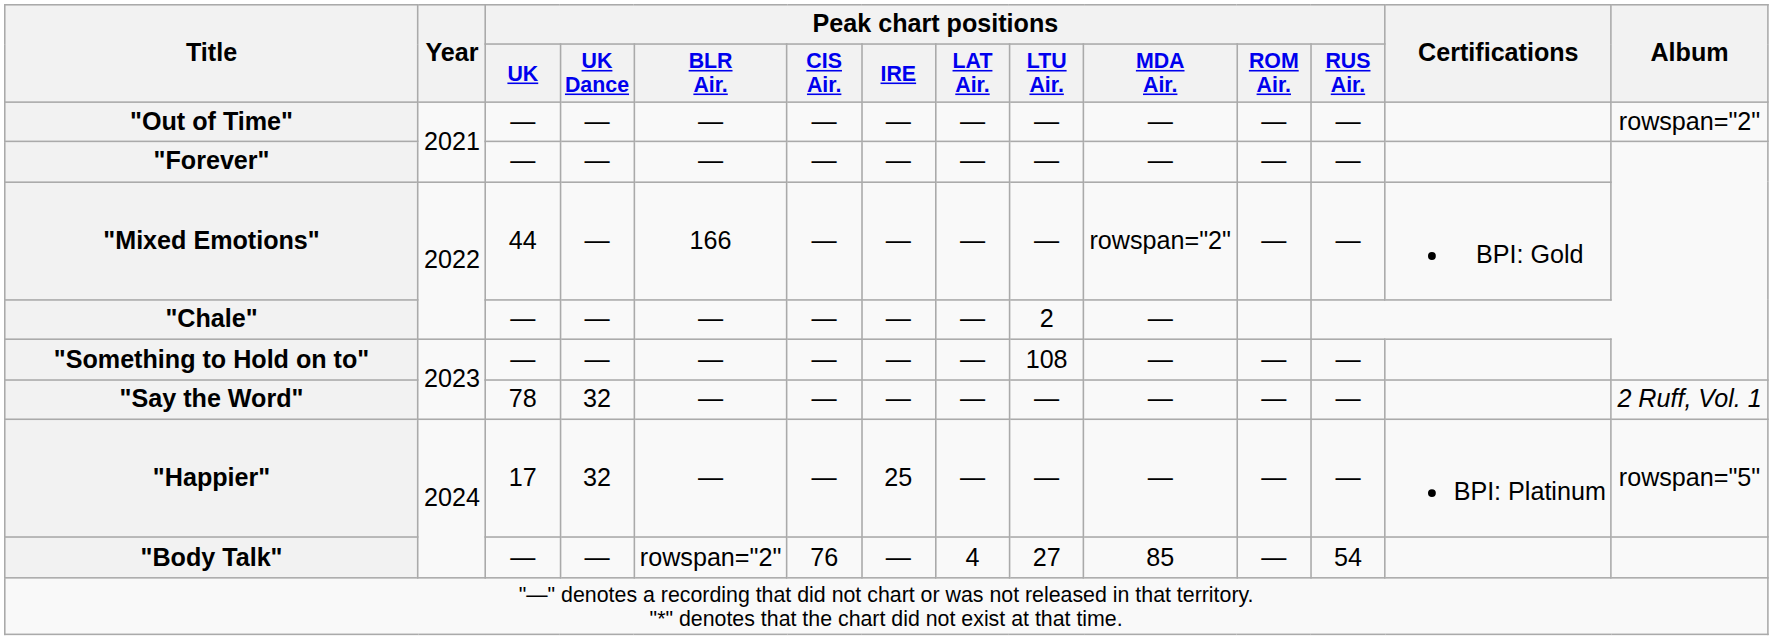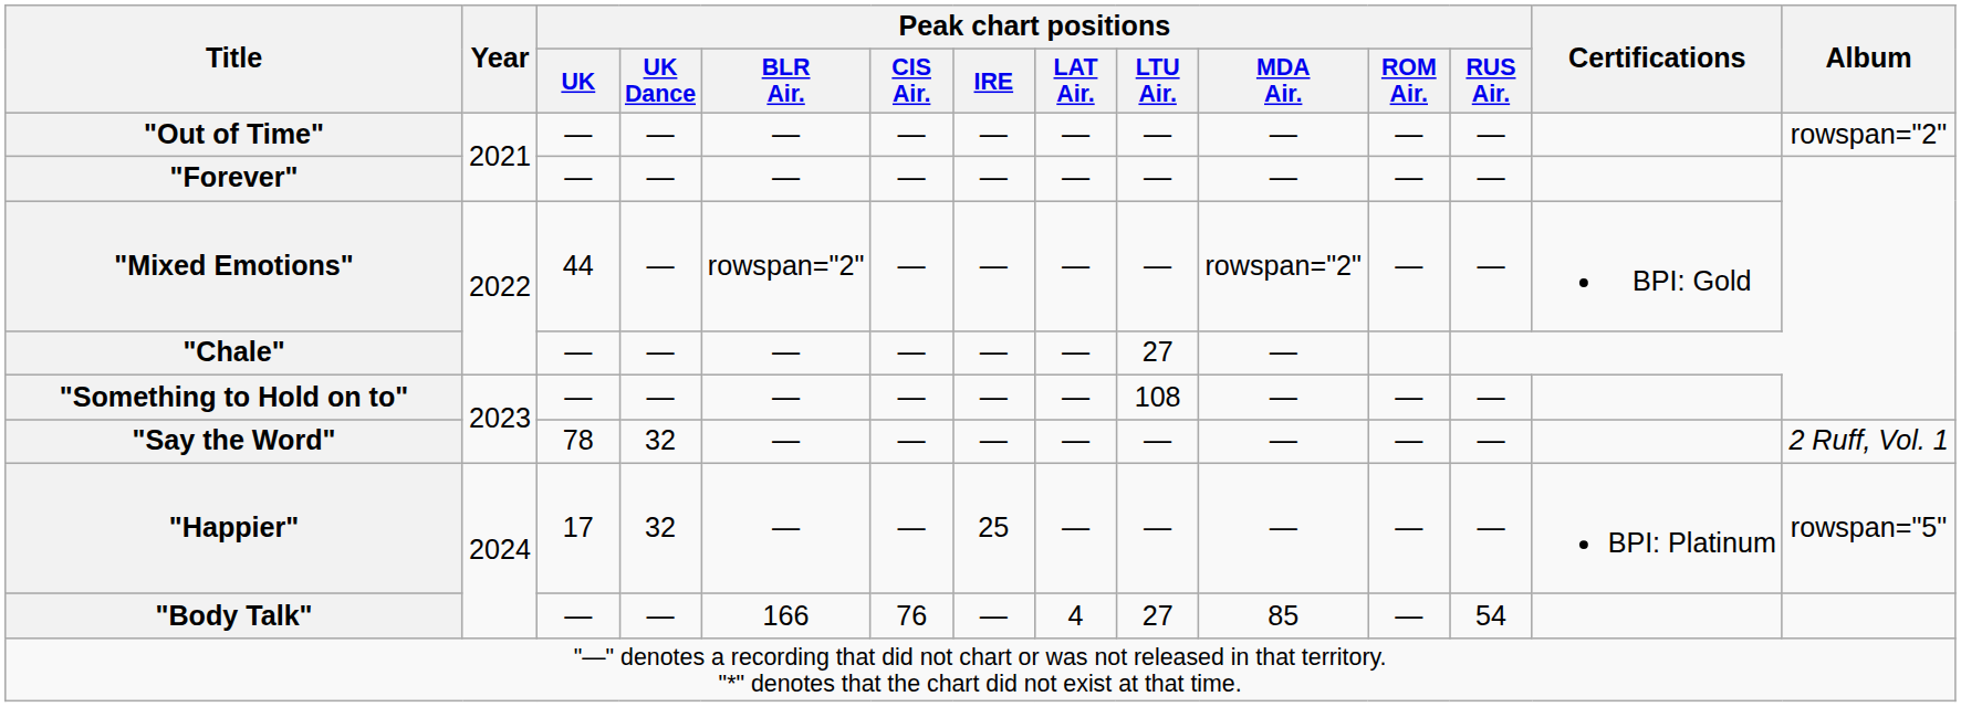 <table class="wikitable plainrowheaders" style="text-align:center;">
 <tr>
 <th scope="col" rowspan="2" style="width:16em;">Title</th>
 <th scope="col" rowspan="2" style="width:1em;">Year</th>
 <th colspan="10" scope="col">Peak chart positions</th>
 <th scope="col" rowspan="2">Certifications</th>
 <th scope="col" rowspan="2">Album</th>
 </tr>
 <tr>
 <th scope="col" style="width:3em;font-size:85%;"><a href='#'>UK</a><br></th>
 <th scope="col" style="width:3em;font-size:85%;"><a href='#'>UK<br>Dance</a><br></th>
 <th scope="col" style="width:3em;font-size:85%;"><a href='#'>BLR<br>Air.</a><br></th>
 <th scope="col" style="width:3em;font-size:85%;"><a href='#'>CIS<br>Air.</a><br></th>
 <th scope="col" style="width:3em;font-size:85%;"><a href='#'>IRE</a><br></th>
 <th scope="col" style="width:3em;font-size:85%;"><a href='#'>LAT<br>Air.</a><br></th>
 <th scope="col" style="width:3em;font-size:85%;"><a href='#'>LTU<br>Air.</a><br></th>
 <th scope="col" style="width:3em;font-size:85%;"><a href='#'>MDA<br>Air.</a><br></th>
 <th scope="col" style="width:3em;font-size:85%;"><a href='#'>ROM<br>Air.</a><br></th>
 <th scope="col" style="width:3em;font-size:85%;"><a href='#'>RUS<br>Air.</a><br></th>
 </tr>
 <tr>
 <th scope="row">"Out of Time"<br></th>
 <td rowspan="2">2021</td>
 <td>—</td>
 <td>—</td>
 <td>—</td>
 <td>—</td>
 <td>—</td>
 <td>—</td>
 <td>—</td>
 <td>—</td>
 <td>—</td>
 <td>—</td>
 <td></td>
 <td>rowspan="2" </td>
 </tr>
 <tr>
 <th scope="row">"Forever"<br></th>
 <td>—</td>
 <td>—</td>
 <td>—</td>
 <td>—</td>
 <td>—</td>
 <td>—</td>
 <td>—</td>
 <td>—</td>
 <td>—</td>
 <td>—</td>
 <td></td>
 </tr>
 <tr>
 <th scope="row">"Mixed Emotions"<br></th>
 <td rowspan="2">2022</td>
 <td>44</td>
 <td>—</td>
-<td>166</td>
+<td>rowspan="2" </td>
 <td>—</td>
 <td>—</td>
 <td>—</td>
 <td>—</td>
 <td>rowspan="2" </td>
 <td>—</td>
 <td>—</td>
 <td><br><ul><li>BPI: Gold</li></ul></td>
 </tr>
 <tr>
 <th scope="row">"Chale"<br></th>
 <td>—</td>
 <td>—</td>
 <td>—</td>
 <td>—</td>
 <td>—</td>
 <td>—</td>
-<td>2</td>
+<td>27</td>
 <td>—</td>
 <td></td>
 </tr>
 <tr>
 <th scope="row">"Something to Hold on to"<br></th>
 <td rowspan="2">2023</td>
 <td>—</td>
 <td>—</td>
 <td>—</td>
 <td>—</td>
 <td>—</td>
 <td>—</td>
 <td>108</td>
 <td>—</td>
 <td>—</td>
 <td>—</td>
 <td></td>
 </tr>
 <tr>
 <th scope="row">"Say the Word"<br></th>
 <td>78</td>
 <td>32</td>
 <td>—</td>
 <td>—</td>
 <td>—</td>
 <td>—</td>
 <td>—</td>
 <td>—</td>
 <td>—</td>
 <td>—</td>
 <td></td>
 <td><em>2 Ruff, Vol. 1</em></td>
 </tr>
 <tr>
 <th scope="row">"Happier"<br></th>
 <td rowspan="2">2024</td>
 <td>17</td>
 <td>32</td>
 <td>—</td>
 <td>—</td>
 <td>25</td>
 <td>—</td>
 <td>—</td>
 <td>—</td>
 <td>—</td>
 <td>—</td>
 <td><br><ul><li>BPI: Platinum</li></ul></td>
 <td>rowspan="5" </td>
 </tr>
 <tr>
 <th scope="row">"Body Talk"<br></th>
 <td>—</td>
 <td>—</td>
-<td>rowspan="2" </td>
+<td>166</td>
 <td>76</td>
 <td>—</td>
 <td>4</td>
 <td>27</td>
 <td>85</td>
 <td>—</td>
 <td>54</td>
 <td></td>
 </tr>
 <tr>
 <td colspan="14" style="font-size:85%">"—" denotes a recording that did not chart or was not released in that territory.<br> "*" denotes that the chart did not exist at that time.</td>
 </tr>
 </table>
